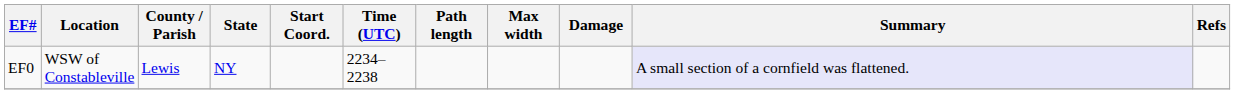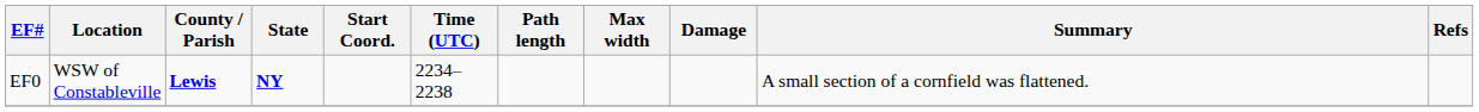 <table class="wikitable sortable" style="width:100%;">
 <tr>
 <th scope="col" width="3%" align="center"><a href='#'>EF#</a></th>
 <th scope="col" width="7%" align="center" class="unsortable">Location</th>
 <th scope="col" width="6%" align="center" class="unsortable">County / Parish</th>
 <th scope="col" width="5%" align="center">State</th>
 <th scope="col" width="6%" align="center">Start Coord.</th>
 <th scope="col" width="6%" align="center">Time (<a href='#'>UTC</a>)</th>
 <th scope="col" width="6%" align="center">Path length</th>
 <th scope="col" width="6%" align="center">Max width</th>
 <th scope="col" width="6%" align="center">Damage</th>
 <th scope="col" width="48%" class="unsortable" align="center">Summary</th>
 <th scope="col" width="48%" class="unsortable" align="center">Refs</th>
 </tr>
 <tr>
 <td>EF0</td>
 <td>WSW of <a href='#'>Constableville</a></td>
-<td><a href='#'>Lewis</a></td>
-<td><a href='#'>NY</a></td>
+<td><strong><a href='#'>Lewis</a></strong></td>
+<td><strong><a href='#'>NY</a></strong></td>
 <td></td>
 <td>2234–2238</td>
 <td></td>
 <td></td>
 <td></td>
-<td style="background: lavender;">A small section of a cornfield was flattened.</td>
+<td>A small section of a cornfield was flattened.</td>
 <td></td>
 </tr>
 <tr>
 </tr>
 </table>
